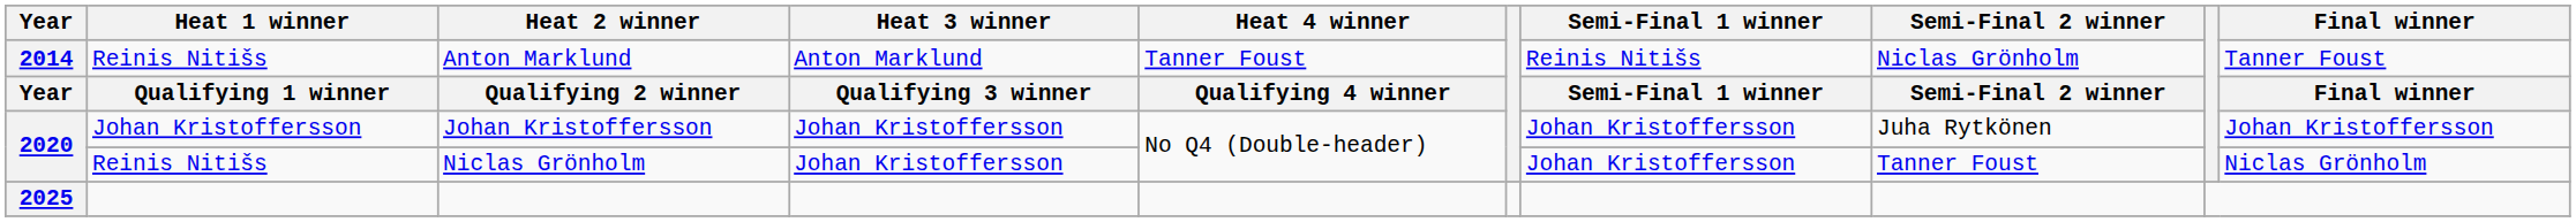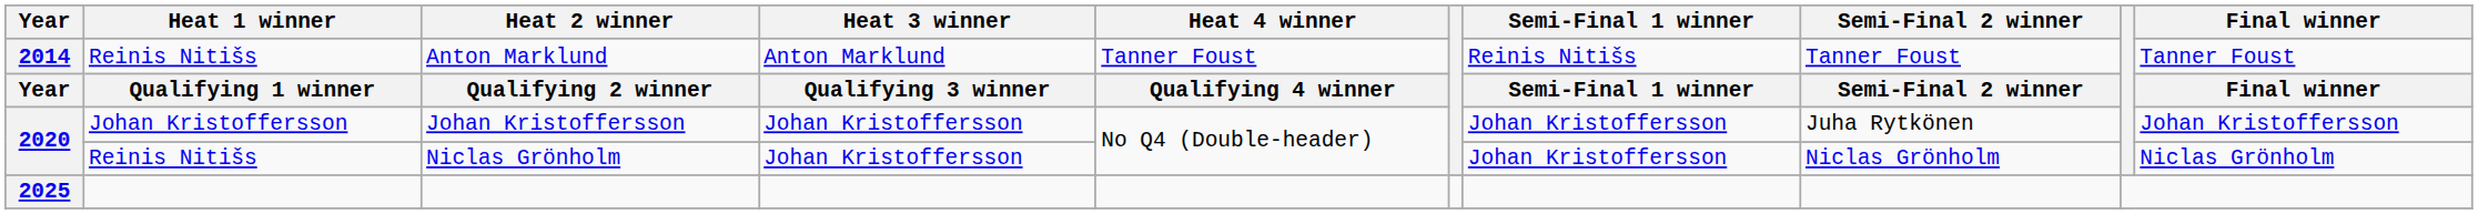 <table class="wikitable" width=100% style="font-size: 85%;">
 <tr>
 <th>Year</th>
 <th>Heat 1 winner</th>
 <th>Heat 2 winner</th>
 <th>Heat 3 winner</th>
 <th>Heat 4 winner</th>
 <th rowspan="5"></th>
 <th>Semi-Final 1 winner</th>
 <th>Semi-Final 2 winner</th>
 <th rowspan="5"></th>
 <th>Final winner</th>
 </tr>
 <tr>
 <th><a href='#'>2014</a></th>
 <td> <a href='#'>Reinis Nitišs</a></td>
 <td> <a href='#'>Anton Marklund</a></td>
 <td> <a href='#'>Anton Marklund</a></td>
 <td> <a href='#'>Tanner Foust</a></td>
 <td> <a href='#'>Reinis Nitišs</a></td>
-<td> <a href='#'>Niclas Grönholm</a></td>
+<td> <a href='#'>Tanner Foust</a></td>
 <td> <a href='#'>Tanner Foust</a></td>
 </tr>
 <tr>
 <th>Year</th>
 <th>Qualifying 1 winner</th>
 <th>Qualifying 2 winner</th>
 <th>Qualifying 3 winner</th>
 <th>Qualifying 4 winner</th>
 <th>Semi-Final 1 winner</th>
 <th>Semi-Final 2 winner</th>
 <th>Final winner</th>
 </tr>
 <tr>
 <th rowspan="2"><a href='#'>2020</a></th>
 <td> <a href='#'>Johan Kristoffersson</a></td>
 <td> <a href='#'>Johan Kristoffersson</a></td>
 <td> <a href='#'>Johan Kristoffersson</a></td>
 <td rowspan="2">No Q4 (Double-header)</td>
 <td> <a href='#'>Johan Kristoffersson</a></td>
 <td> Juha Rytkönen</td>
 <td> <a href='#'>Johan Kristoffersson</a></td>
 </tr>
 <tr>
 <td> <a href='#'>Reinis Nitišs</a></td>
 <td> <a href='#'>Niclas Grönholm</a></td>
 <td> <a href='#'>Johan Kristoffersson</a></td>
 <td> <a href='#'>Johan Kristoffersson</a></td>
-<td> <a href='#'>Tanner Foust</a></td>
+<td> <a href='#'>Niclas Grönholm</a></td>
 <td> <a href='#'>Niclas Grönholm</a></td>
 </tr>
 <tr>
 <th rowspan="2"><a href='#'>2025</a></th>
 <td></td>
 <td></td>
 <td></td>
 <td></td>
 <td></td>
 <td></td>
 <td></td>
 </tr>
 </table>
